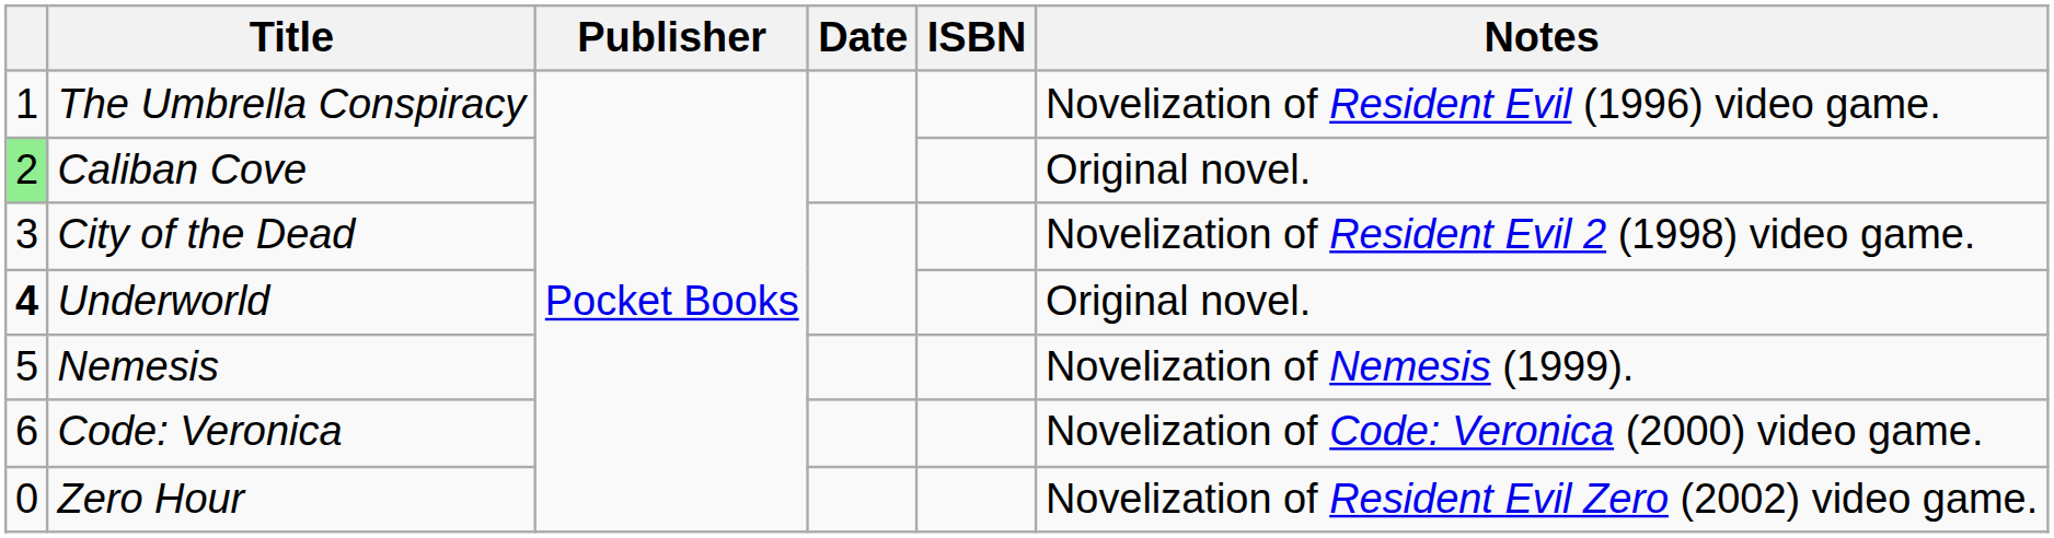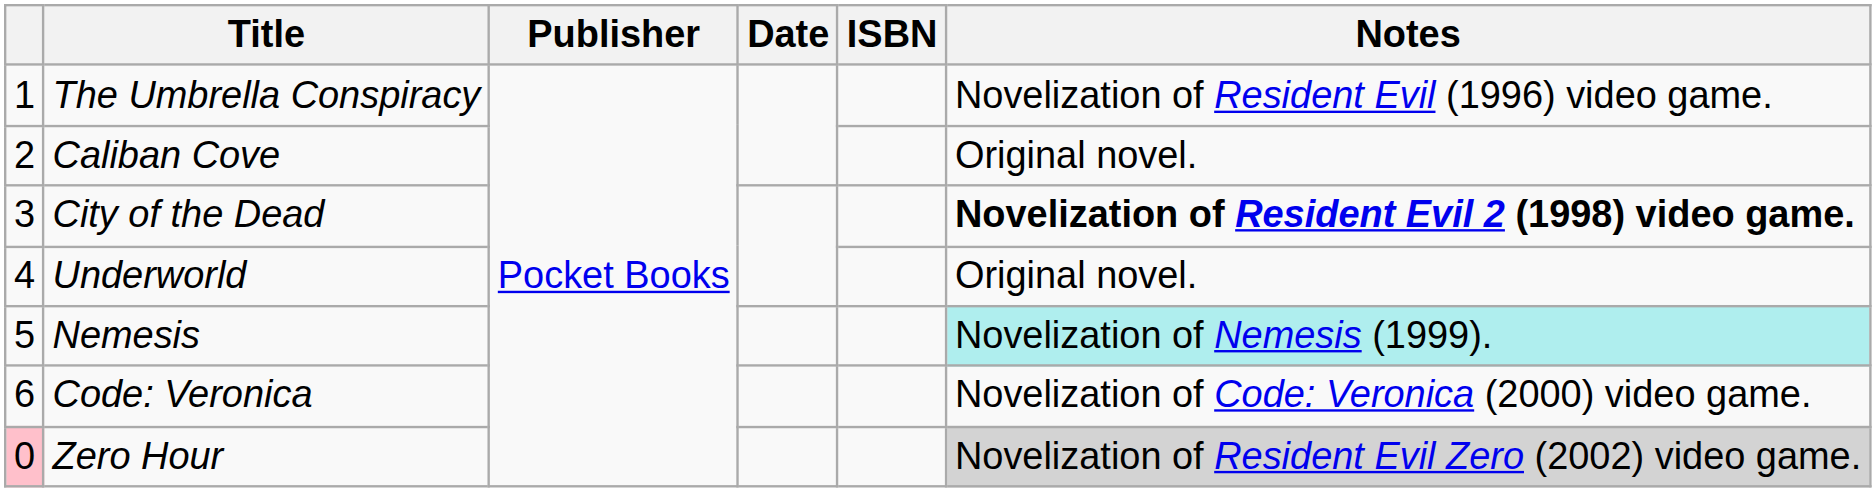 <table class="wikitable">
 <tr>
 <th></th>
 <th>Title</th>
 <th>Publisher</th>
 <th>Date</th>
 <th>ISBN</th>
 <th>Notes</th>
 </tr>
 <tr>
 <td>1</td>
 <td><em>The Umbrella Conspiracy</em></td>
 <td rowspan="7"><a href='#'>Pocket Books</a></td>
 <td rowspan="2"></td>
 <td></td>
 <td>Novelization of <em><a href='#'>Resident Evil</a></em> (1996) video game.</td>
 </tr>
 <tr>
-<td style="background: lightgreen;">2</td>
+<td>2</td>
 <td><em>Caliban Cove</em></td>
 <td></td>
 <td>Original novel.</td>
 </tr>
 <tr>
 <td>3</td>
 <td><em>City of the Dead</em></td>
 <td rowspan="2"></td>
 <td></td>
-<td>Novelization of <em><a href='#'>Resident Evil 2</a></em> (1998) video game.</td>
+<td><strong>Novelization of <em><a href='#'>Resident Evil 2</a></em> (1998) video game.</strong></td>
 </tr>
 <tr>
-<td><strong>4</strong></td>
+<td>4</td>
 <td><em>Underworld</em></td>
 <td></td>
 <td>Original novel.</td>
 </tr>
 <tr>
 <td>5</td>
 <td><em>Nemesis</em></td>
 <td></td>
 <td></td>
-<td>Novelization of <a href='#'><em>Nemesis</em></a> (1999).</td>
+<td style="background: paleturquoise;">Novelization of <a href='#'><em>Nemesis</em></a> (1999).</td>
 </tr>
 <tr>
 <td>6</td>
 <td><em>Code: Veronica</em></td>
 <td></td>
 <td></td>
 <td>Novelization of <a href='#'><em>Code: Veronica</em></a> (2000) video game.</td>
 </tr>
 <tr>
-<td>0</td>
+<td style="background: pink;">0</td>
 <td><em>Zero Hour</em></td>
 <td></td>
 <td></td>
-<td>Novelization of <em><a href='#'>Resident Evil Zero</a></em> (2002) video game.</td>
+<td style="background: lightgrey;">Novelization of <em><a href='#'>Resident Evil Zero</a></em> (2002) video game.</td>
 </tr>
 </table>
